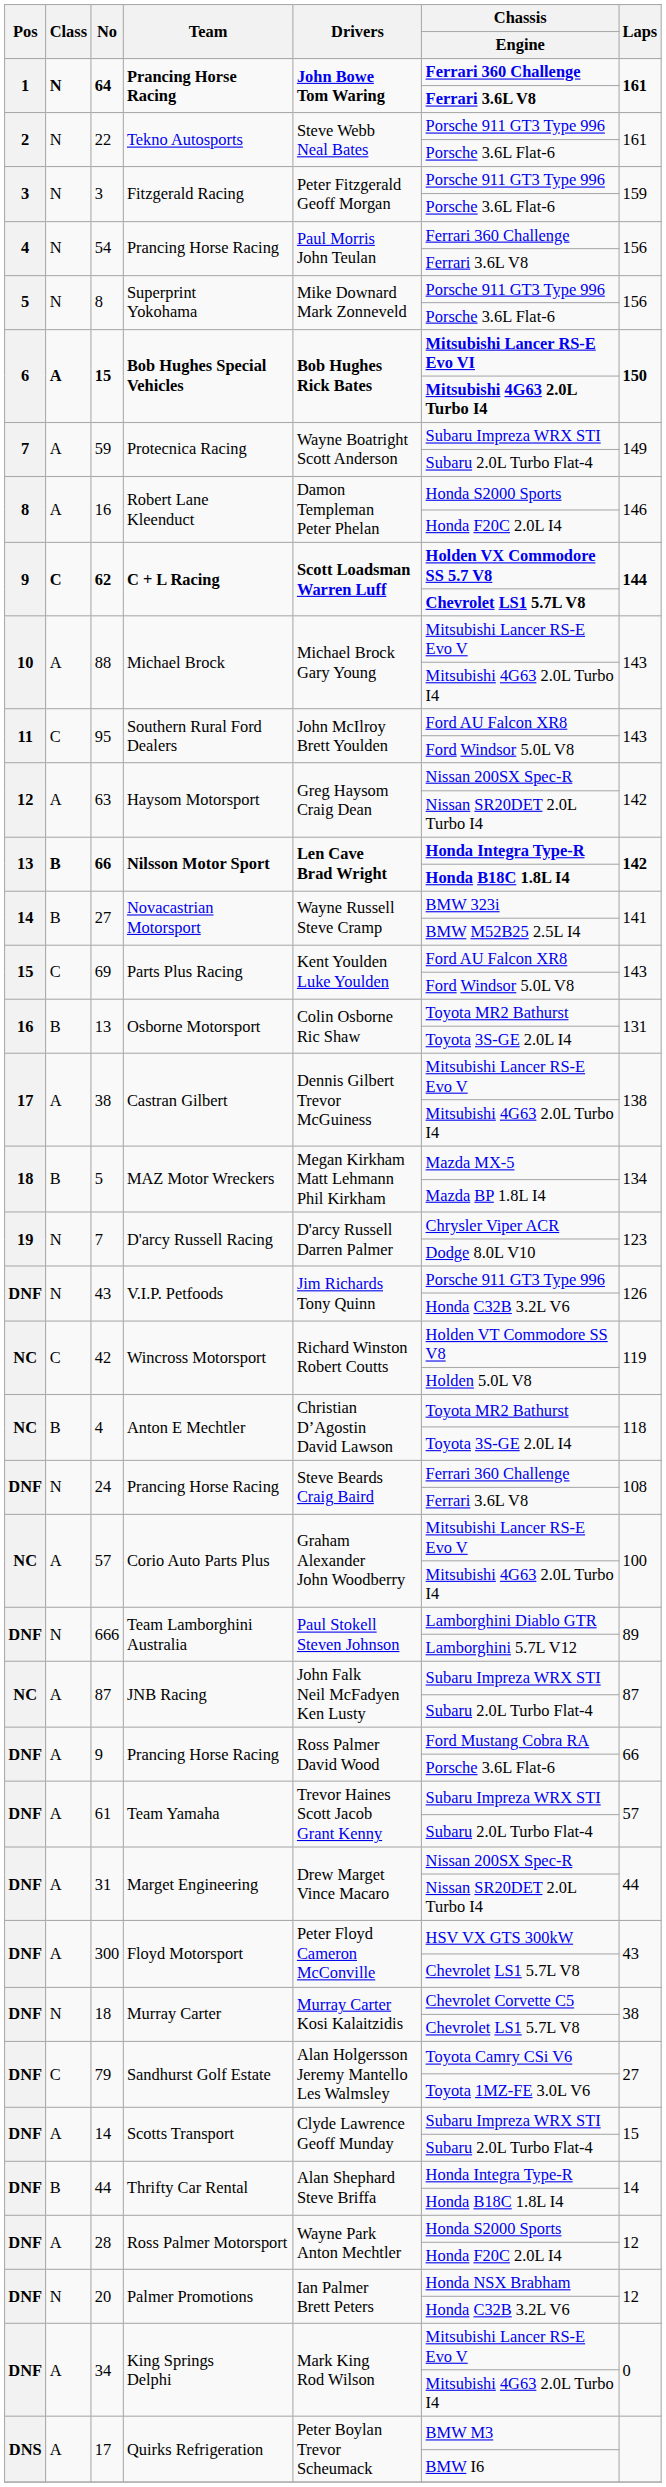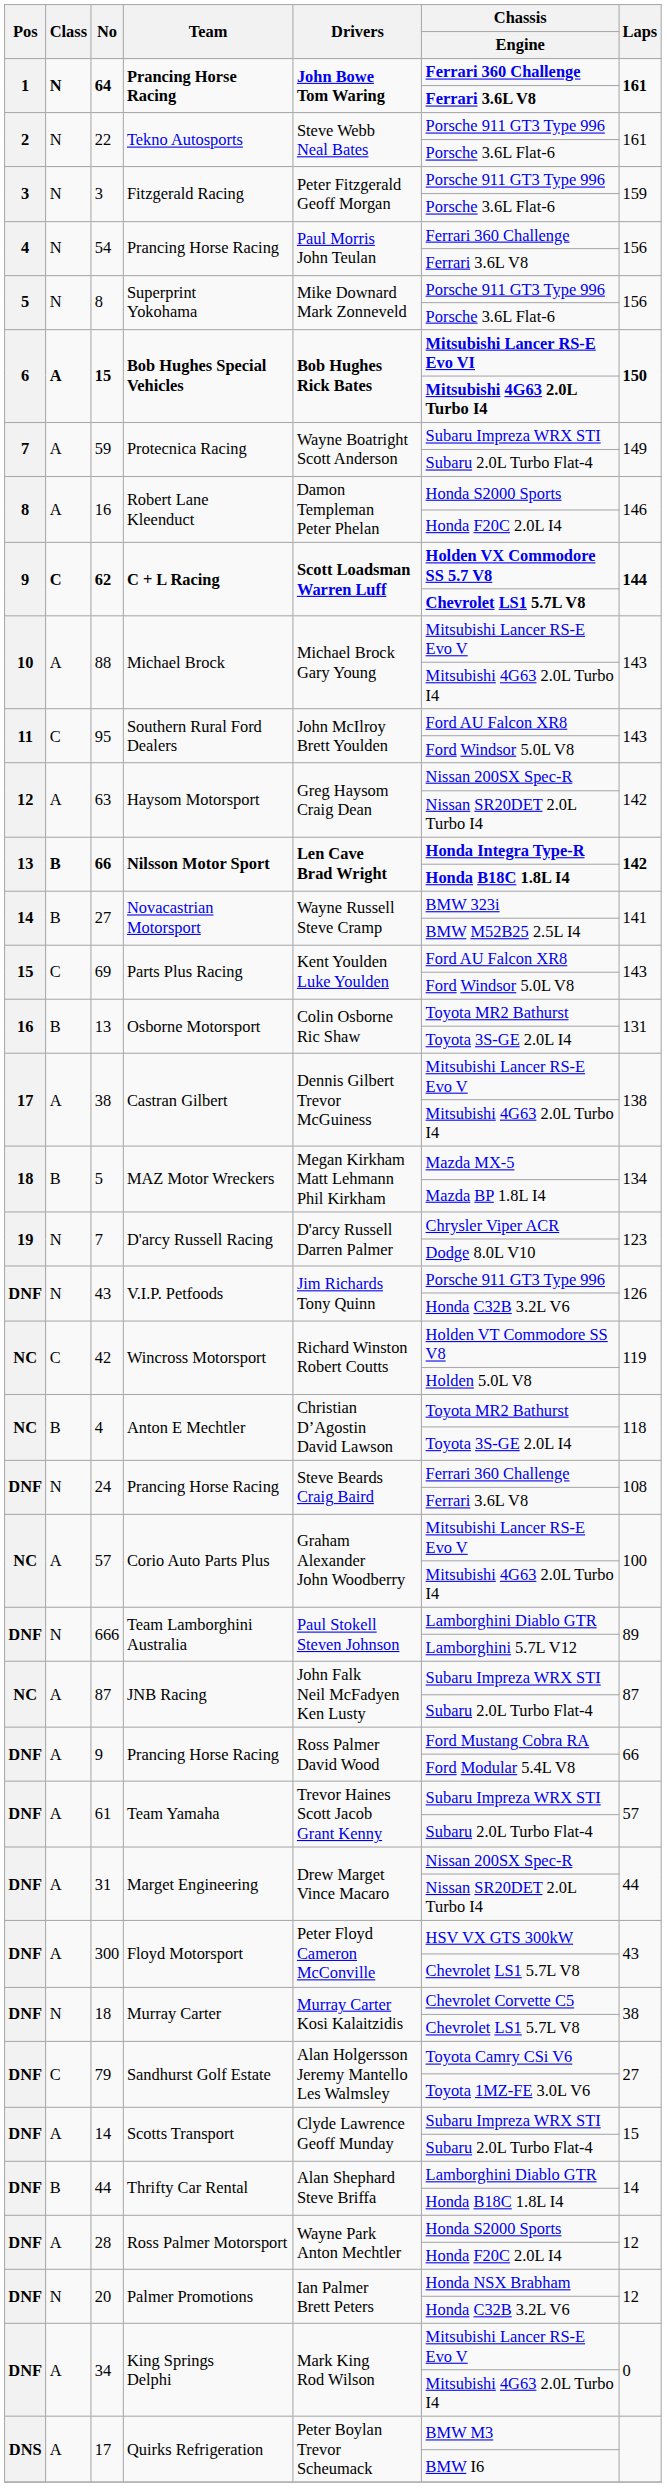 <table class="wikitable" style="font-size: 95%;">
 <tr>
 <th rowspan=2>Pos</th>
 <th rowspan=2>Class</th>
 <th rowspan=2>No</th>
 <th rowspan=2>Team</th>
 <th rowspan=2>Drivers</th>
 <th>Chassis</th>
 <th rowspan=2>Laps</th>
 </tr>
 <tr>
 <th>Engine</th>
 </tr>
 <tr style="font-weight:bold">
 <th rowspan=2>1</th>
 <td rowspan=2>N</td>
 <td rowspan=2>64</td>
 <td rowspan=2>Prancing Horse Racing</td>
 <td rowspan=2> <a href='#'>John Bowe</a><br> Tom Waring</td>
 <td><a href='#'>Ferrari 360 Challenge</a></td>
 <td rowspan=2>161</td>
 </tr>
 <tr style="font-weight:bold">
 <td><a href='#'>Ferrari</a> 3.6L V8</td>
 </tr>
 <tr>
 <th rowspan=2>2</th>
 <td rowspan=2>N</td>
 <td rowspan=2>22</td>
 <td rowspan=2><a href='#'>Tekno Autosports</a></td>
 <td rowspan=2> Steve Webb<br> <a href='#'>Neal Bates</a></td>
 <td><a href='#'>Porsche 911 GT3 Type 996</a></td>
 <td rowspan=2>161</td>
 </tr>
 <tr>
 <td><a href='#'>Porsche</a> 3.6L Flat-6</td>
 </tr>
 <tr>
 <th rowspan=2>3</th>
 <td rowspan=2>N</td>
 <td rowspan=2>3</td>
 <td rowspan=2>Fitzgerald Racing</td>
 <td rowspan=2> Peter Fitzgerald<br> Geoff Morgan</td>
 <td><a href='#'>Porsche 911 GT3 Type 996</a></td>
 <td rowspan=2>159</td>
 </tr>
 <tr>
 <td><a href='#'>Porsche</a> 3.6L Flat-6</td>
 </tr>
 <tr>
 <th rowspan=2>4</th>
 <td rowspan=2>N</td>
 <td rowspan=2>54</td>
 <td rowspan=2>Prancing Horse Racing</td>
 <td rowspan=2> <a href='#'>Paul Morris</a><br> John Teulan</td>
 <td><a href='#'>Ferrari 360 Challenge</a></td>
 <td rowspan=2>156</td>
 </tr>
 <tr>
 <td><a href='#'>Ferrari</a> 3.6L V8</td>
 </tr>
 <tr>
 <th rowspan=2>5</th>
 <td rowspan=2>N</td>
 <td rowspan=2>8</td>
 <td rowspan=2>Superprint<br>Yokohama</td>
 <td rowspan=2> Mike Downard<br> Mark Zonneveld</td>
 <td><a href='#'>Porsche 911 GT3 Type 996</a></td>
 <td rowspan=2>156</td>
 </tr>
 <tr>
 <td><a href='#'>Porsche</a> 3.6L Flat-6</td>
 </tr>
 <tr style="font-weight:bold">
 <th rowspan=2>6</th>
 <td rowspan=2>A</td>
 <td rowspan=2>15</td>
 <td rowspan=2>Bob Hughes Special Vehicles</td>
 <td rowspan=2> Bob Hughes<br> Rick Bates</td>
 <td><a href='#'>Mitsubishi Lancer RS-E Evo VI</a></td>
 <td rowspan=2>150</td>
 </tr>
 <tr style="font-weight:bold">
 <td><a href='#'>Mitsubishi</a> <a href='#'>4G63</a> 2.0L Turbo I4</td>
 </tr>
 <tr>
 <th rowspan=2>7</th>
 <td rowspan=2>A</td>
 <td rowspan=2>59</td>
 <td rowspan=2>Protecnica Racing</td>
 <td rowspan=2> Wayne Boatright<br> Scott Anderson</td>
 <td><a href='#'>Subaru Impreza WRX STI</a></td>
 <td rowspan=2>149</td>
 </tr>
 <tr>
 <td><a href='#'>Subaru</a> 2.0L Turbo Flat-4</td>
 </tr>
 <tr>
 <th rowspan=2>8</th>
 <td rowspan=2>A</td>
 <td rowspan=2>16</td>
 <td rowspan=2>Robert Lane<br>Kleenduct</td>
 <td rowspan=2> Damon Templeman<br> Peter Phelan</td>
 <td><a href='#'>Honda S2000 Sports</a></td>
 <td rowspan=2>146</td>
 </tr>
 <tr>
 <td><a href='#'>Honda</a> <a href='#'>F20C</a> 2.0L I4</td>
 </tr>
 <tr style="font-weight:bold">
 <th rowspan=2>9</th>
 <td rowspan=2>C</td>
 <td rowspan=2>62</td>
 <td rowspan=2>C + L Racing</td>
 <td rowspan=2> Scott Loadsman<br> <a href='#'>Warren Luff</a></td>
 <td><a href='#'>Holden VX Commodore SS 5.7 V8</a></td>
 <td rowspan=2>144</td>
 </tr>
 <tr style="font-weight:bold">
 <td><a href='#'>Chevrolet</a> <a href='#'>LS1</a> 5.7L V8</td>
 </tr>
 <tr>
 <th rowspan=2>10</th>
 <td rowspan=2>A</td>
 <td rowspan=2>88</td>
 <td rowspan=2>Michael Brock</td>
 <td rowspan=2> Michael Brock<br> Gary Young</td>
 <td><a href='#'>Mitsubishi Lancer RS-E Evo V</a></td>
 <td rowspan=2>143</td>
 </tr>
 <tr>
 <td><a href='#'>Mitsubishi</a> <a href='#'>4G63</a> 2.0L Turbo I4</td>
 </tr>
 <tr>
 <th rowspan=2>11</th>
 <td rowspan=2>C</td>
 <td rowspan=2>95</td>
 <td rowspan=2>Southern Rural Ford Dealers</td>
 <td rowspan=2> John McIlroy<br> Brett Youlden</td>
 <td><a href='#'>Ford AU Falcon XR8</a></td>
 <td rowspan=2>143</td>
 </tr>
 <tr>
 <td><a href='#'>Ford</a> <a href='#'>Windsor</a> 5.0L V8</td>
 </tr>
 <tr>
 <th rowspan=2>12</th>
 <td rowspan=2>A</td>
 <td rowspan=2>63</td>
 <td rowspan=2>Haysom Motorsport</td>
 <td rowspan=2> Greg Haysom<br> Craig Dean</td>
 <td><a href='#'>Nissan 200SX Spec-R</a></td>
 <td rowspan=2>142</td>
 </tr>
 <tr>
 <td><a href='#'>Nissan</a> <a href='#'>SR20DET</a> 2.0L Turbo I4</td>
 </tr>
 <tr style="font-weight:bold">
 <th rowspan=2>13</th>
 <td rowspan=2>B</td>
 <td rowspan=2>66</td>
 <td rowspan=2>Nilsson Motor Sport</td>
 <td rowspan=2> Len Cave<br> Brad Wright</td>
 <td><a href='#'>Honda Integra Type-R</a></td>
 <td rowspan=2>142</td>
 </tr>
 <tr style="font-weight:bold">
 <td><a href='#'>Honda</a> <a href='#'>B18C</a> 1.8L I4</td>
 </tr>
 <tr>
 <th rowspan=2>14</th>
 <td rowspan=2>B</td>
 <td rowspan=2>27</td>
 <td rowspan=2><a href='#'>Novacastrian Motorsport</a></td>
 <td rowspan=2> Wayne Russell<br> Steve Cramp</td>
 <td><a href='#'>BMW 323i</a></td>
 <td rowspan=2>141</td>
 </tr>
 <tr>
 <td><a href='#'>BMW</a> <a href='#'>M52B25</a> 2.5L I4</td>
 </tr>
 <tr>
 <th rowspan=2>15</th>
 <td rowspan=2>C</td>
 <td rowspan=2>69</td>
 <td rowspan=2>Parts Plus Racing</td>
 <td rowspan=2> Kent Youlden<br> <a href='#'>Luke Youlden</a></td>
 <td><a href='#'>Ford AU Falcon XR8</a></td>
 <td rowspan=2>143</td>
 </tr>
 <tr>
 <td><a href='#'>Ford</a> <a href='#'>Windsor</a> 5.0L V8</td>
 </tr>
 <tr>
 <th rowspan=2>16</th>
 <td rowspan=2>B</td>
 <td rowspan=2>13</td>
 <td rowspan=2>Osborne Motorsport</td>
 <td rowspan=2> Colin Osborne<br> Ric Shaw</td>
 <td><a href='#'>Toyota MR2 Bathurst</a></td>
 <td rowspan=2>131</td>
 </tr>
 <tr>
 <td><a href='#'>Toyota</a> <a href='#'>3S-GE</a> 2.0L I4</td>
 </tr>
 <tr>
 <th rowspan=2>17</th>
 <td rowspan=2>A</td>
 <td rowspan=2>38</td>
 <td rowspan=2>Castran Gilbert</td>
 <td rowspan=2> Dennis Gilbert<br> Trevor McGuiness</td>
 <td><a href='#'>Mitsubishi Lancer RS-E Evo V</a></td>
 <td rowspan=2>138</td>
 </tr>
 <tr>
 <td><a href='#'>Mitsubishi</a> <a href='#'>4G63</a> 2.0L Turbo I4</td>
 </tr>
 <tr>
 <th rowspan=2>18</th>
 <td rowspan=2>B</td>
 <td rowspan=2>5</td>
 <td rowspan=2>MAZ Motor Wreckers</td>
 <td rowspan=2> Megan Kirkham<br> Matt Lehmann<br> Phil Kirkham</td>
 <td><a href='#'>Mazda MX-5</a></td>
 <td rowspan=2>134</td>
 </tr>
 <tr>
 <td><a href='#'>Mazda</a> <a href='#'>BP</a> 1.8L I4</td>
 </tr>
 <tr>
 <th rowspan=2>19</th>
 <td rowspan=2>N</td>
 <td rowspan=2>7</td>
 <td rowspan=2>D'arcy Russell Racing</td>
 <td rowspan=2> D'arcy Russell<br> Darren Palmer</td>
 <td><a href='#'>Chrysler Viper ACR</a></td>
 <td rowspan=2>123</td>
 </tr>
 <tr>
 <td><a href='#'>Dodge</a> 8.0L V10</td>
 </tr>
 <tr>
 <th rowspan=2>DNF</th>
 <td rowspan=2>N</td>
 <td rowspan=2>43</td>
 <td rowspan=2>V.I.P. Petfoods</td>
 <td rowspan=2> <a href='#'>Jim Richards</a><br> Tony Quinn</td>
 <td><a href='#'>Porsche 911 GT3 Type 996</a></td>
 <td rowspan=2>126</td>
 </tr>
 <tr>
 <td><a href='#'>Honda</a> <a href='#'>C32B</a> 3.2L V6</td>
 </tr>
 <tr>
 <th rowspan=2>NC</th>
 <td rowspan=2>C</td>
 <td rowspan=2>42</td>
 <td rowspan=2>Wincross Motorsport</td>
 <td rowspan=2> Richard Winston<br> Robert Coutts</td>
 <td><a href='#'>Holden VT Commodore SS V8</a></td>
 <td rowspan=2>119</td>
 </tr>
 <tr>
 <td><a href='#'>Holden</a> 5.0L V8</td>
 </tr>
 <tr>
 <th rowspan=2>NC</th>
 <td rowspan=2>B</td>
 <td rowspan=2>4</td>
 <td rowspan=2>Anton E Mechtler</td>
 <td rowspan=2> Christian D’Agostin<br> David Lawson</td>
 <td><a href='#'>Toyota MR2 Bathurst</a></td>
 <td rowspan=2>118</td>
 </tr>
 <tr>
 <td><a href='#'>Toyota</a> <a href='#'>3S-GE</a> 2.0L I4</td>
 </tr>
 <tr>
 <th rowspan=2>DNF</th>
 <td rowspan=2>N</td>
 <td rowspan=2>24</td>
 <td rowspan=2>Prancing Horse Racing</td>
 <td rowspan=2> Steve Beards<br> <a href='#'>Craig Baird</a></td>
 <td><a href='#'>Ferrari 360 Challenge</a></td>
 <td rowspan=2>108</td>
 </tr>
 <tr>
 <td><a href='#'>Ferrari</a> 3.6L V8</td>
 </tr>
 <tr>
 <th rowspan=2>NC</th>
 <td rowspan=2>A</td>
 <td rowspan=2>57</td>
 <td rowspan=2>Corio Auto Parts Plus</td>
 <td rowspan=2> Graham Alexander<br> John Woodberry</td>
 <td><a href='#'>Mitsubishi Lancer RS-E Evo V</a></td>
 <td rowspan=2>100</td>
 </tr>
 <tr>
 <td><a href='#'>Mitsubishi</a> <a href='#'>4G63</a> 2.0L Turbo I4</td>
 </tr>
 <tr>
 <th rowspan=2>DNF</th>
 <td rowspan=2>N</td>
 <td rowspan=2>666</td>
 <td rowspan=2>Team Lamborghini Australia</td>
 <td rowspan=2> <a href='#'>Paul Stokell</a><br> <a href='#'>Steven Johnson</a></td>
 <td><a href='#'>Lamborghini Diablo GTR</a></td>
 <td rowspan=2>89</td>
 </tr>
 <tr>
 <td><a href='#'>Lamborghini</a> 5.7L V12</td>
 </tr>
 <tr>
 <th rowspan=2>NC</th>
 <td rowspan=2>A</td>
 <td rowspan=2>87</td>
 <td rowspan=2>JNB Racing</td>
 <td rowspan=2> John Falk<br> Neil McFadyen<br> Ken Lusty</td>
 <td><a href='#'>Subaru Impreza WRX STI</a></td>
 <td rowspan=2>87</td>
 </tr>
 <tr>
 <td><a href='#'>Subaru</a> 2.0L Turbo Flat-4</td>
 </tr>
 <tr>
 <th rowspan=2>DNF</th>
 <td rowspan=2>A</td>
 <td rowspan=2>9</td>
 <td rowspan=2>Prancing Horse Racing</td>
 <td rowspan=2> Ross Palmer<br> David Wood</td>
 <td><a href='#'>Ford Mustang Cobra RA</a></td>
 <td rowspan=2>66</td>
 </tr>
 <tr>
-<td><a href='#'>Porsche</a> 3.6L Flat-6</td>
+<td><a href='#'>Ford</a> <a href='#'>Modular</a> 5.4L V8</td>
 </tr>
 <tr>
 <th rowspan=2>DNF</th>
 <td rowspan=2>A</td>
 <td rowspan=2>61</td>
 <td rowspan=2>Team Yamaha</td>
 <td rowspan=2> Trevor Haines<br> Scott Jacob<br> <a href='#'>Grant Kenny</a></td>
 <td><a href='#'>Subaru Impreza WRX STI</a></td>
 <td rowspan=2>57</td>
 </tr>
 <tr>
 <td><a href='#'>Subaru</a> 2.0L Turbo Flat-4</td>
 </tr>
 <tr>
 <th rowspan=2>DNF</th>
 <td rowspan=2>A</td>
 <td rowspan=2>31</td>
 <td rowspan=2>Marget Engineering</td>
 <td rowspan=2> Drew Marget<br> Vince Macaro</td>
 <td><a href='#'>Nissan 200SX Spec-R</a></td>
 <td rowspan=2>44</td>
 </tr>
 <tr>
 <td><a href='#'>Nissan</a> <a href='#'>SR20DET</a> 2.0L Turbo I4</td>
 </tr>
 <tr>
 <th rowspan=2>DNF</th>
 <td rowspan=2>A</td>
 <td rowspan=2>300</td>
 <td rowspan=2>Floyd Motorsport</td>
 <td rowspan=2> Peter Floyd<br> <a href='#'>Cameron McConville</a></td>
 <td><a href='#'>HSV VX GTS 300kW</a></td>
 <td rowspan=2>43</td>
 </tr>
 <tr>
 <td><a href='#'>Chevrolet</a> <a href='#'>LS1</a> 5.7L V8</td>
 </tr>
 <tr>
 <th rowspan=2>DNF</th>
 <td rowspan=2>N</td>
 <td rowspan=2>18</td>
 <td rowspan=2>Murray Carter</td>
 <td rowspan=2> <a href='#'>Murray Carter</a><br> Kosi Kalaitzidis</td>
 <td><a href='#'>Chevrolet Corvette C5</a></td>
 <td rowspan=2>38</td>
 </tr>
 <tr>
 <td><a href='#'>Chevrolet</a> <a href='#'>LS1</a> 5.7L V8</td>
 </tr>
 <tr>
 <th rowspan=2>DNF</th>
 <td rowspan=2>C</td>
 <td rowspan=2>79</td>
 <td rowspan=2>Sandhurst Golf Estate</td>
 <td rowspan=2> Alan Holgersson<br> Jeremy Mantello<br> Les Walmsley</td>
 <td><a href='#'>Toyota Camry CSi V6</a></td>
 <td rowspan=2>27</td>
 </tr>
 <tr>
 <td><a href='#'>Toyota</a> <a href='#'>1MZ-FE</a> 3.0L V6</td>
 </tr>
 <tr>
 <th rowspan=2>DNF</th>
 <td rowspan=2>A</td>
 <td rowspan=2>14</td>
 <td rowspan=2>Scotts Transport</td>
 <td rowspan=2> Clyde Lawrence<br> Geoff Munday</td>
 <td><a href='#'>Subaru Impreza WRX STI</a></td>
 <td rowspan=2>15</td>
 </tr>
 <tr>
 <td><a href='#'>Subaru</a> 2.0L Turbo Flat-4</td>
 </tr>
 <tr>
 <th rowspan=2>DNF</th>
 <td rowspan=2>B</td>
 <td rowspan=2>44</td>
 <td rowspan=2>Thrifty Car Rental</td>
 <td rowspan=2> Alan Shephard<br> Steve Briffa</td>
-<td><a href='#'>Honda Integra Type-R</a></td>
+<td><a href='#'>Lamborghini Diablo GTR</a></td>
 <td rowspan=2>14</td>
 </tr>
 <tr>
 <td><a href='#'>Honda</a> <a href='#'>B18C</a> 1.8L I4</td>
 </tr>
 <tr>
 <th rowspan=2>DNF</th>
 <td rowspan=2>A</td>
 <td rowspan=2>28</td>
 <td rowspan=2>Ross Palmer Motorsport</td>
 <td rowspan=2> Wayne Park<br> Anton Mechtler</td>
 <td><a href='#'>Honda S2000 Sports</a></td>
 <td rowspan=2>12</td>
 </tr>
 <tr>
 <td><a href='#'>Honda</a> <a href='#'>F20C</a> 2.0L I4</td>
 </tr>
 <tr>
 <th rowspan=2>DNF</th>
 <td rowspan=2>N</td>
 <td rowspan=2>20</td>
 <td rowspan=2>Palmer Promotions</td>
 <td rowspan=2> Ian Palmer<br> Brett Peters</td>
 <td><a href='#'>Honda NSX Brabham</a></td>
 <td rowspan=2>12</td>
 </tr>
 <tr>
 <td><a href='#'>Honda</a> <a href='#'>C32B</a> 3.2L V6</td>
 </tr>
 <tr>
 <th rowspan=2>DNF</th>
 <td rowspan=2>A</td>
 <td rowspan=2>34</td>
 <td rowspan=2>King Springs<br>Delphi</td>
 <td rowspan=2> Mark King<br> Rod Wilson</td>
 <td><a href='#'>Mitsubishi Lancer RS-E Evo V</a></td>
 <td rowspan=2>0</td>
 </tr>
 <tr>
 <td><a href='#'>Mitsubishi</a> <a href='#'>4G63</a> 2.0L Turbo I4</td>
 </tr>
 <tr>
 <th rowspan=2>DNS</th>
 <td rowspan=2>A</td>
 <td rowspan=2>17</td>
 <td rowspan=2>Quirks Refrigeration</td>
 <td rowspan=2> Peter Boylan<br> Trevor Scheumack</td>
 <td><a href='#'>BMW M3</a></td>
 <td rowspan=2></td>
 </tr>
 <tr>
 <td><a href='#'>BMW</a> I6</td>
 </tr>
 <tr>
 </tr>
 </table>
